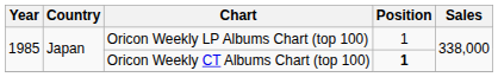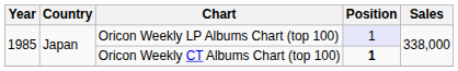 <table class="wikitable">
 <tr>
 <th>Year</th>
 <th>Country</th>
 <th>Chart</th>
 <th>Position</th>
 <th>Sales</th>
 </tr>
 <tr>
 <td rowspan=2>1985</td>
 <td rowspan=2>Japan</td>
 <td>Oricon Weekly LP Albums Chart (top 100)</td>
-<td align="center">1</td>
+<td align="center" style="background: lavender;">1</td>
 <td rowspan=2>338,000</td>
 </tr>
 <tr>
 <td>Oricon Weekly <a href='#'>CT</a> Albums Chart (top 100)</td>
 <td align="center"><strong>1</strong></td>
 </tr>
 <tr>
 </tr>
 </table>
